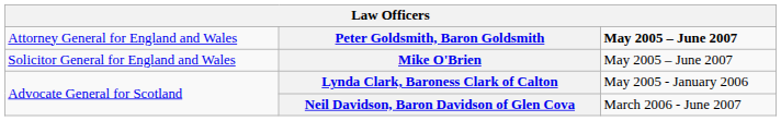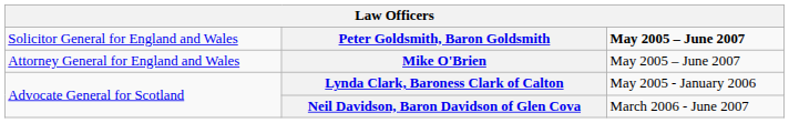 <table class="wikitable plainrowheaders" width=100% style="max-width:55em;">
 <tr>
 <th colspan=4>Law Officers</th>
 </tr>
 <tr>
-<td><a href='#'>Attorney General for England and Wales</a></td>
+<td><a href='#'>Solicitor General for England and Wales</a></td>
 <th scope="row" style="font–weight:bold;"><a href='#'>Peter Goldsmith, Baron Goldsmith</a></th>
 <td><strong>May 2005 – June 2007</strong></td>
 </tr>
 <tr>
-<td><a href='#'>Solicitor General for England and Wales</a></td>
+<td><a href='#'>Attorney General for England and Wales</a></td>
 <th scope="row" style="font–weight:bold;"><a href='#'>Mike O'Brien</a></th>
 <td>May 2005 – June 2007</td>
 </tr>
 <tr>
 <td rowspan="2"><a href='#'>Advocate General for Scotland</a></td>
 <th scope="row"><a href='#'>Lynda Clark, Baroness Clark of Calton</a></th>
 <td>May 2005 - January  2006</td>
 </tr>
 <tr>
 <th scope="row"><a href='#'>Neil Davidson, Baron Davidson of Glen Cova</a></th>
 <td>March 2006 - June 2007</td>
 </tr>
 </table>
